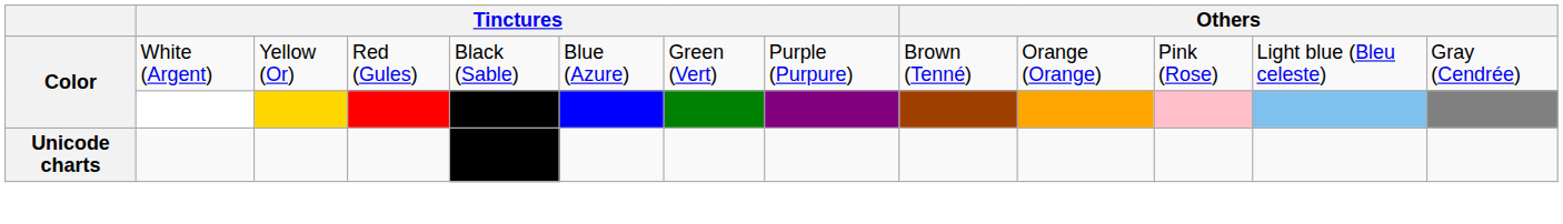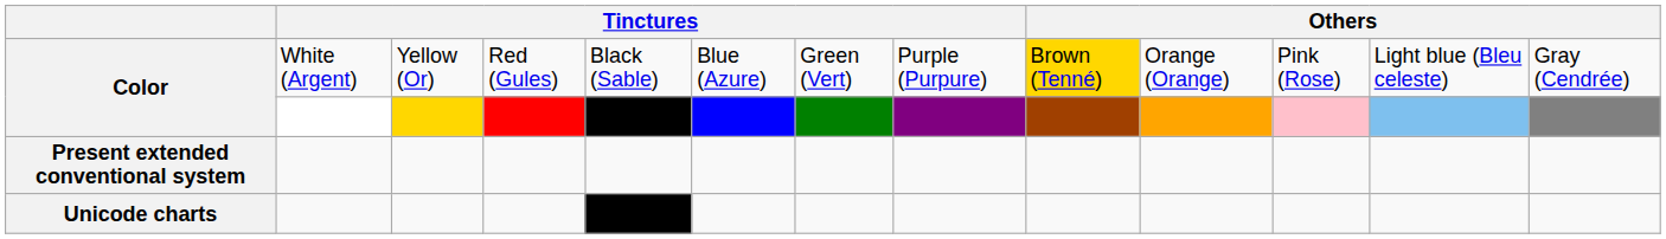 <table class="wikitable">
 <tr>
 <th></th>
 <th colspan="7"><a href='#'>Tinctures</a></th>
 <th colspan="5">Others</th>
 </tr>
 <tr>
 <th rowspan="2">Color</th>
 <td>White (<a href='#'>Argent</a>)</td>
 <td>Yellow (<a href='#'>Or</a>)</td>
 <td>Red (<a href='#'>Gules</a>)</td>
 <td>Black (<a href='#'>Sable</a>)</td>
 <td>Blue (<a href='#'>Azure</a>)</td>
 <td>Green (<a href='#'>Vert</a>)</td>
 <td>Purple (<a href='#'>Purpure</a>)</td>
-<td>Brown (<a href='#'>Tenné</a>)</td>
+<td style="background: gold;">Brown (<a href='#'>Tenné</a>)</td>
 <td>Orange (<a href='#'>Orange</a>)</td>
 <td>Pink (<a href='#'>Rose</a>)</td>
 <td>Light blue (<a href='#'>Bleu celeste</a>)</td>
 <td>Gray (<a href='#'>Cendrée</a>)</td>
 </tr>
 <tr style="height:30px">
 <td style="background:white"></td>
 <td style="background:gold"></td>
 <td style="background:red"></td>
 <td style="background:black"></td>
 <td style="background:blue"></td>
 <td style="background:green"></td>
 <td style="background:purple"></td>
 <td style="background:#a04000"></td>
 <td style="background:orange"></td>
 <td style="background:pink"></td>
 <td style="background:#7EC0EE"></td>
 <td style="background:gray"></td>
 </tr>
 <tr style="height:30px">
+<th>Present extended conventional system</th>
+<td></td>
+<td></td>
+<td></td>
+<td></td>
+<td></td>
+<td></td>
+<td></td>
+<td></td>
+<td></td>
+<td></td>
+<td></td>
+<td></td>
+</tr>
+<tr style="height:30px">
 <th>Unicode charts</th>
 <td></td>
 <td></td>
 <td></td>
 <td style="background:black"></td>
 <td></td>
 <td></td>
 <td></td>
 <td></td>
 <td></td>
 <td></td>
 <td></td>
 <td></td>
 </tr>
 </table>
